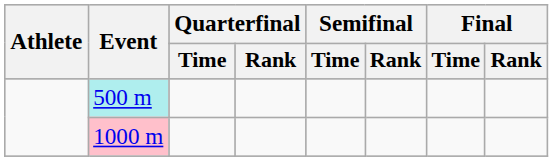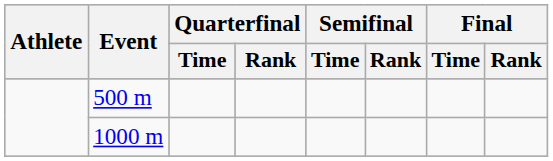 <table class="wikitable" style="font-size:90%">
 <tr>
 <th rowspan=2>Athlete</th>
 <th rowspan=2>Event</th>
 <th colspan=2>Quarterfinal</th>
 <th colspan=2>Semifinal</th>
 <th colspan=2>Final</th>
 </tr>
 <tr style="font-size:95%">
 <th>Time</th>
 <th>Rank</th>
 <th>Time</th>
 <th>Rank</th>
 <th>Time</th>
 <th>Rank</th>
 </tr>
 <tr align=center>
 <td align=left rowspan=2></td>
-<td align=left style="background: paleturquoise;"><a href='#'>500 m</a></td>
+<td align=left><a href='#'>500 m</a></td>
 <td></td>
 <td></td>
 <td></td>
 <td></td>
 <td></td>
 <td></td>
 </tr>
 <tr align=center>
-<td align=left style="background: pink;"><a href='#'>1000 m</a></td>
+<td align=left><a href='#'>1000 m</a></td>
 <td></td>
 <td></td>
 <td></td>
 <td></td>
 <td></td>
 <td></td>
 </tr>
 </table>
